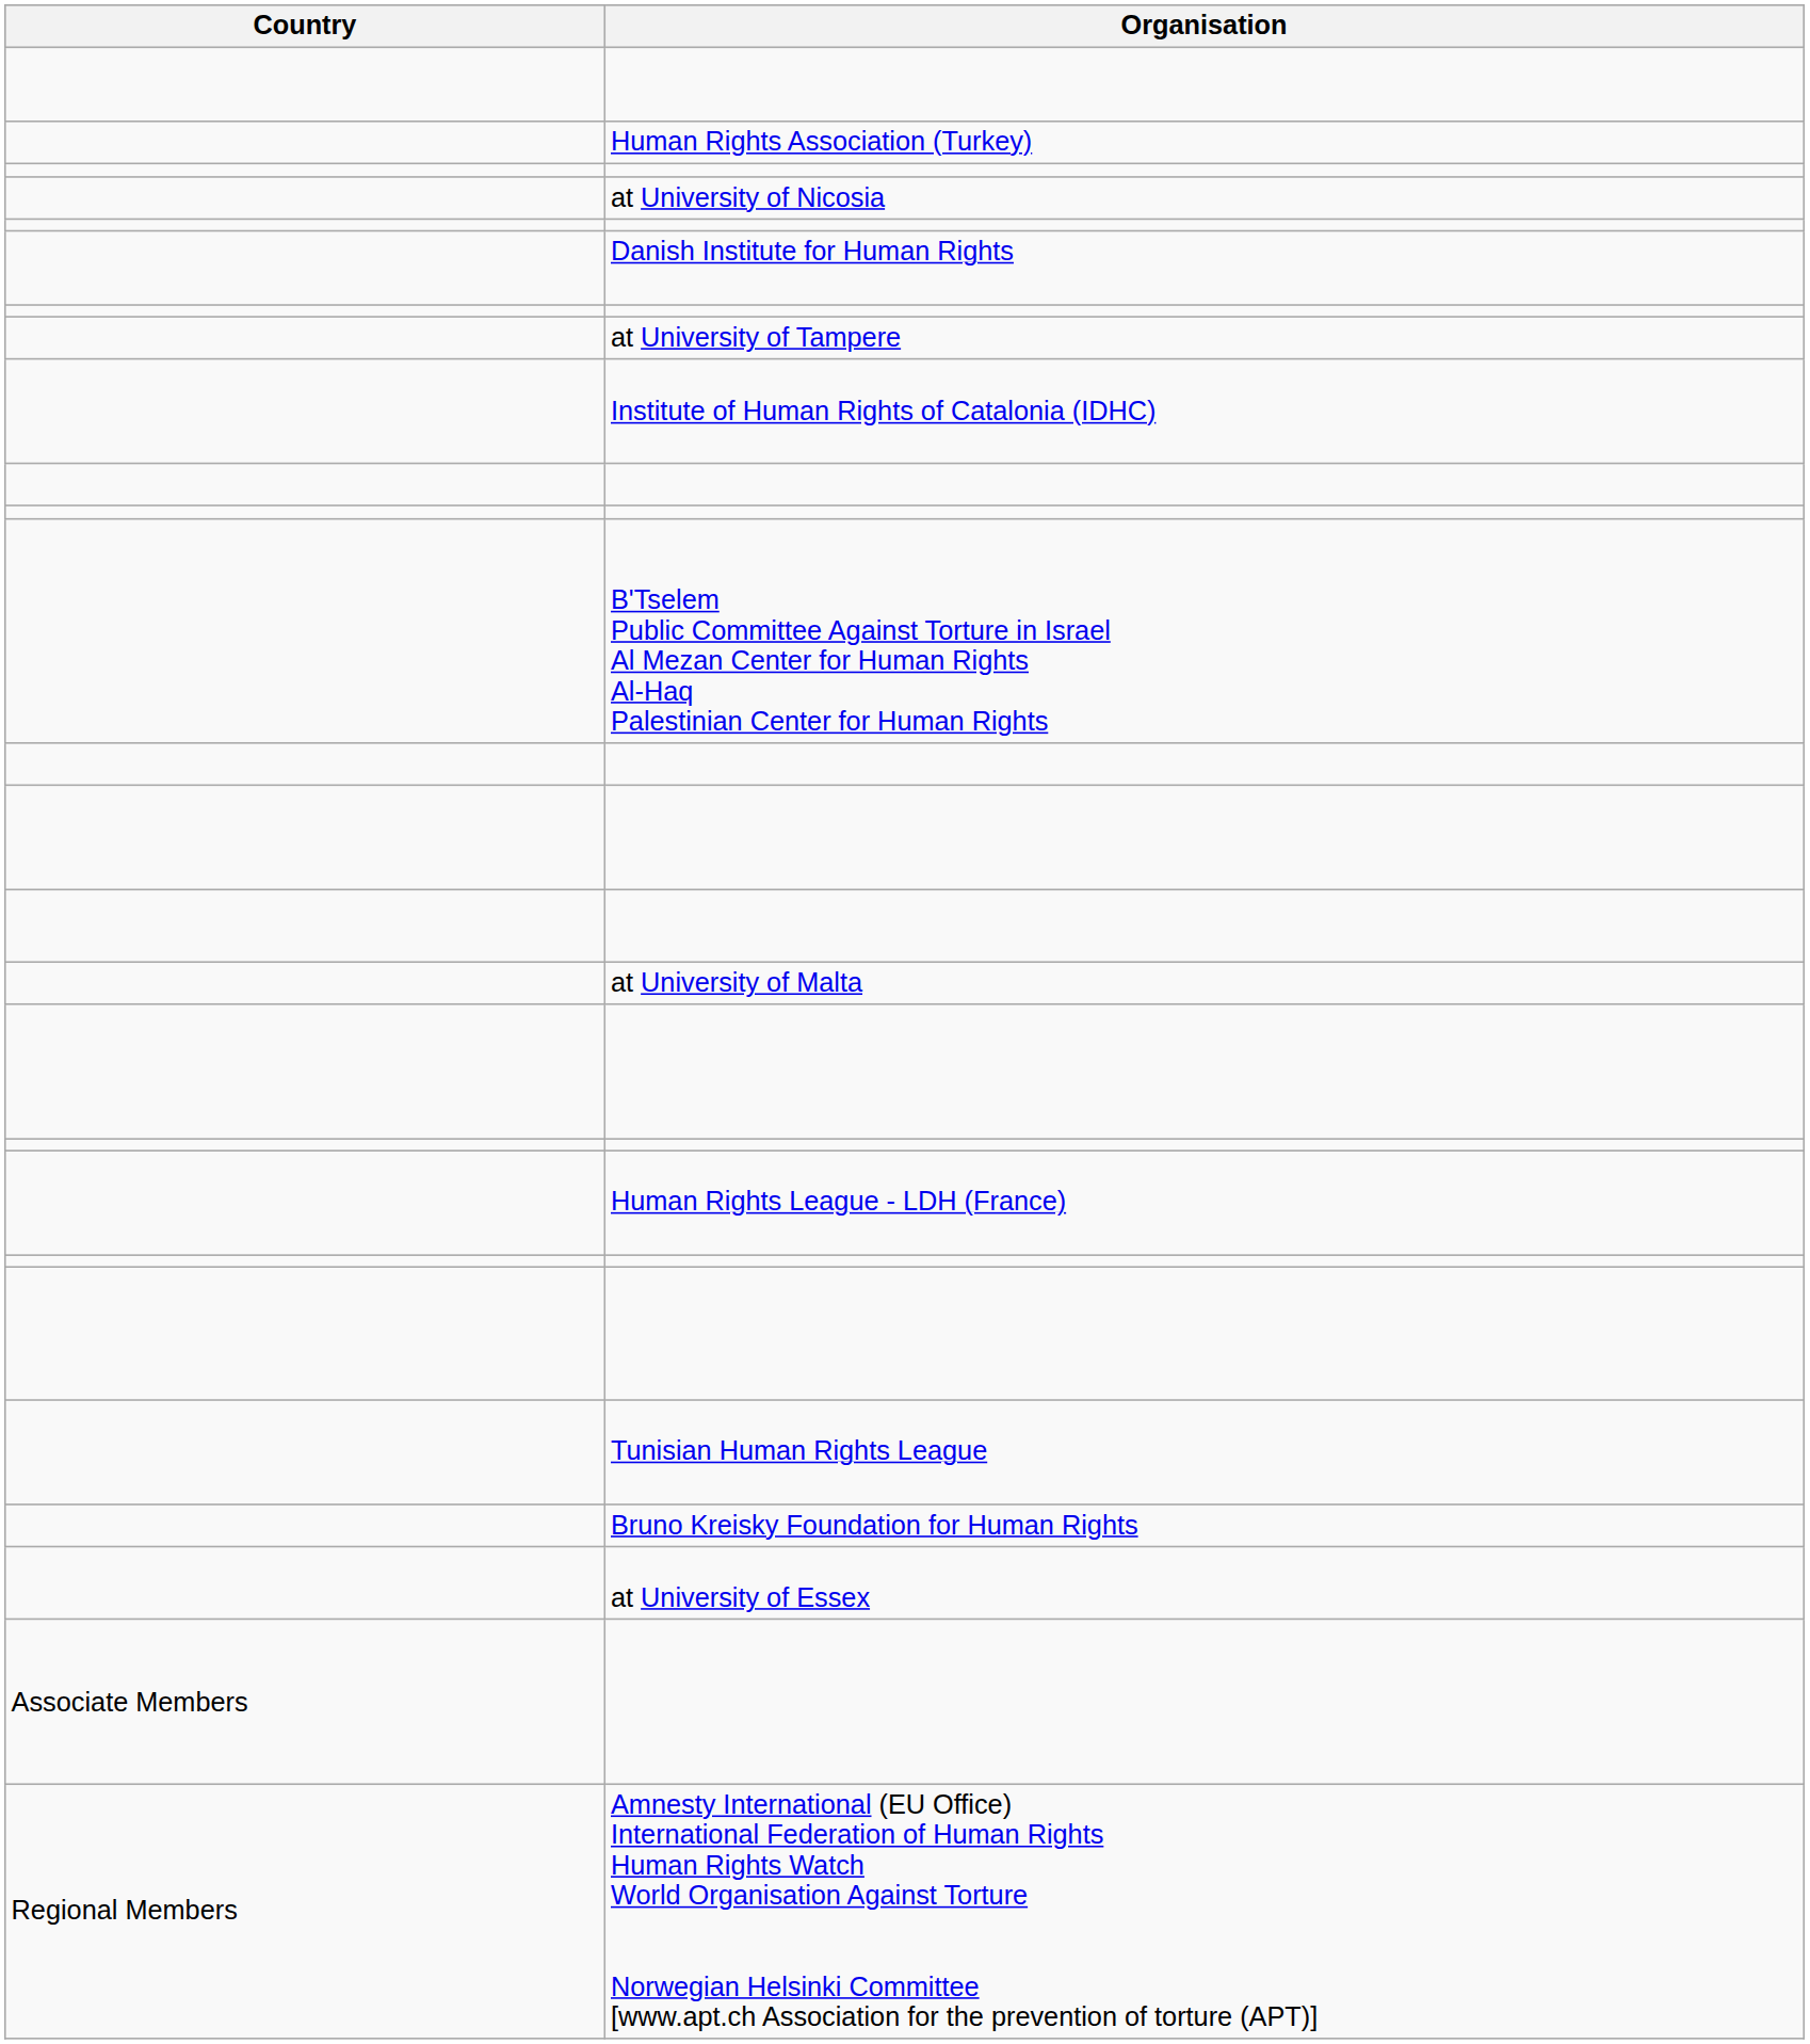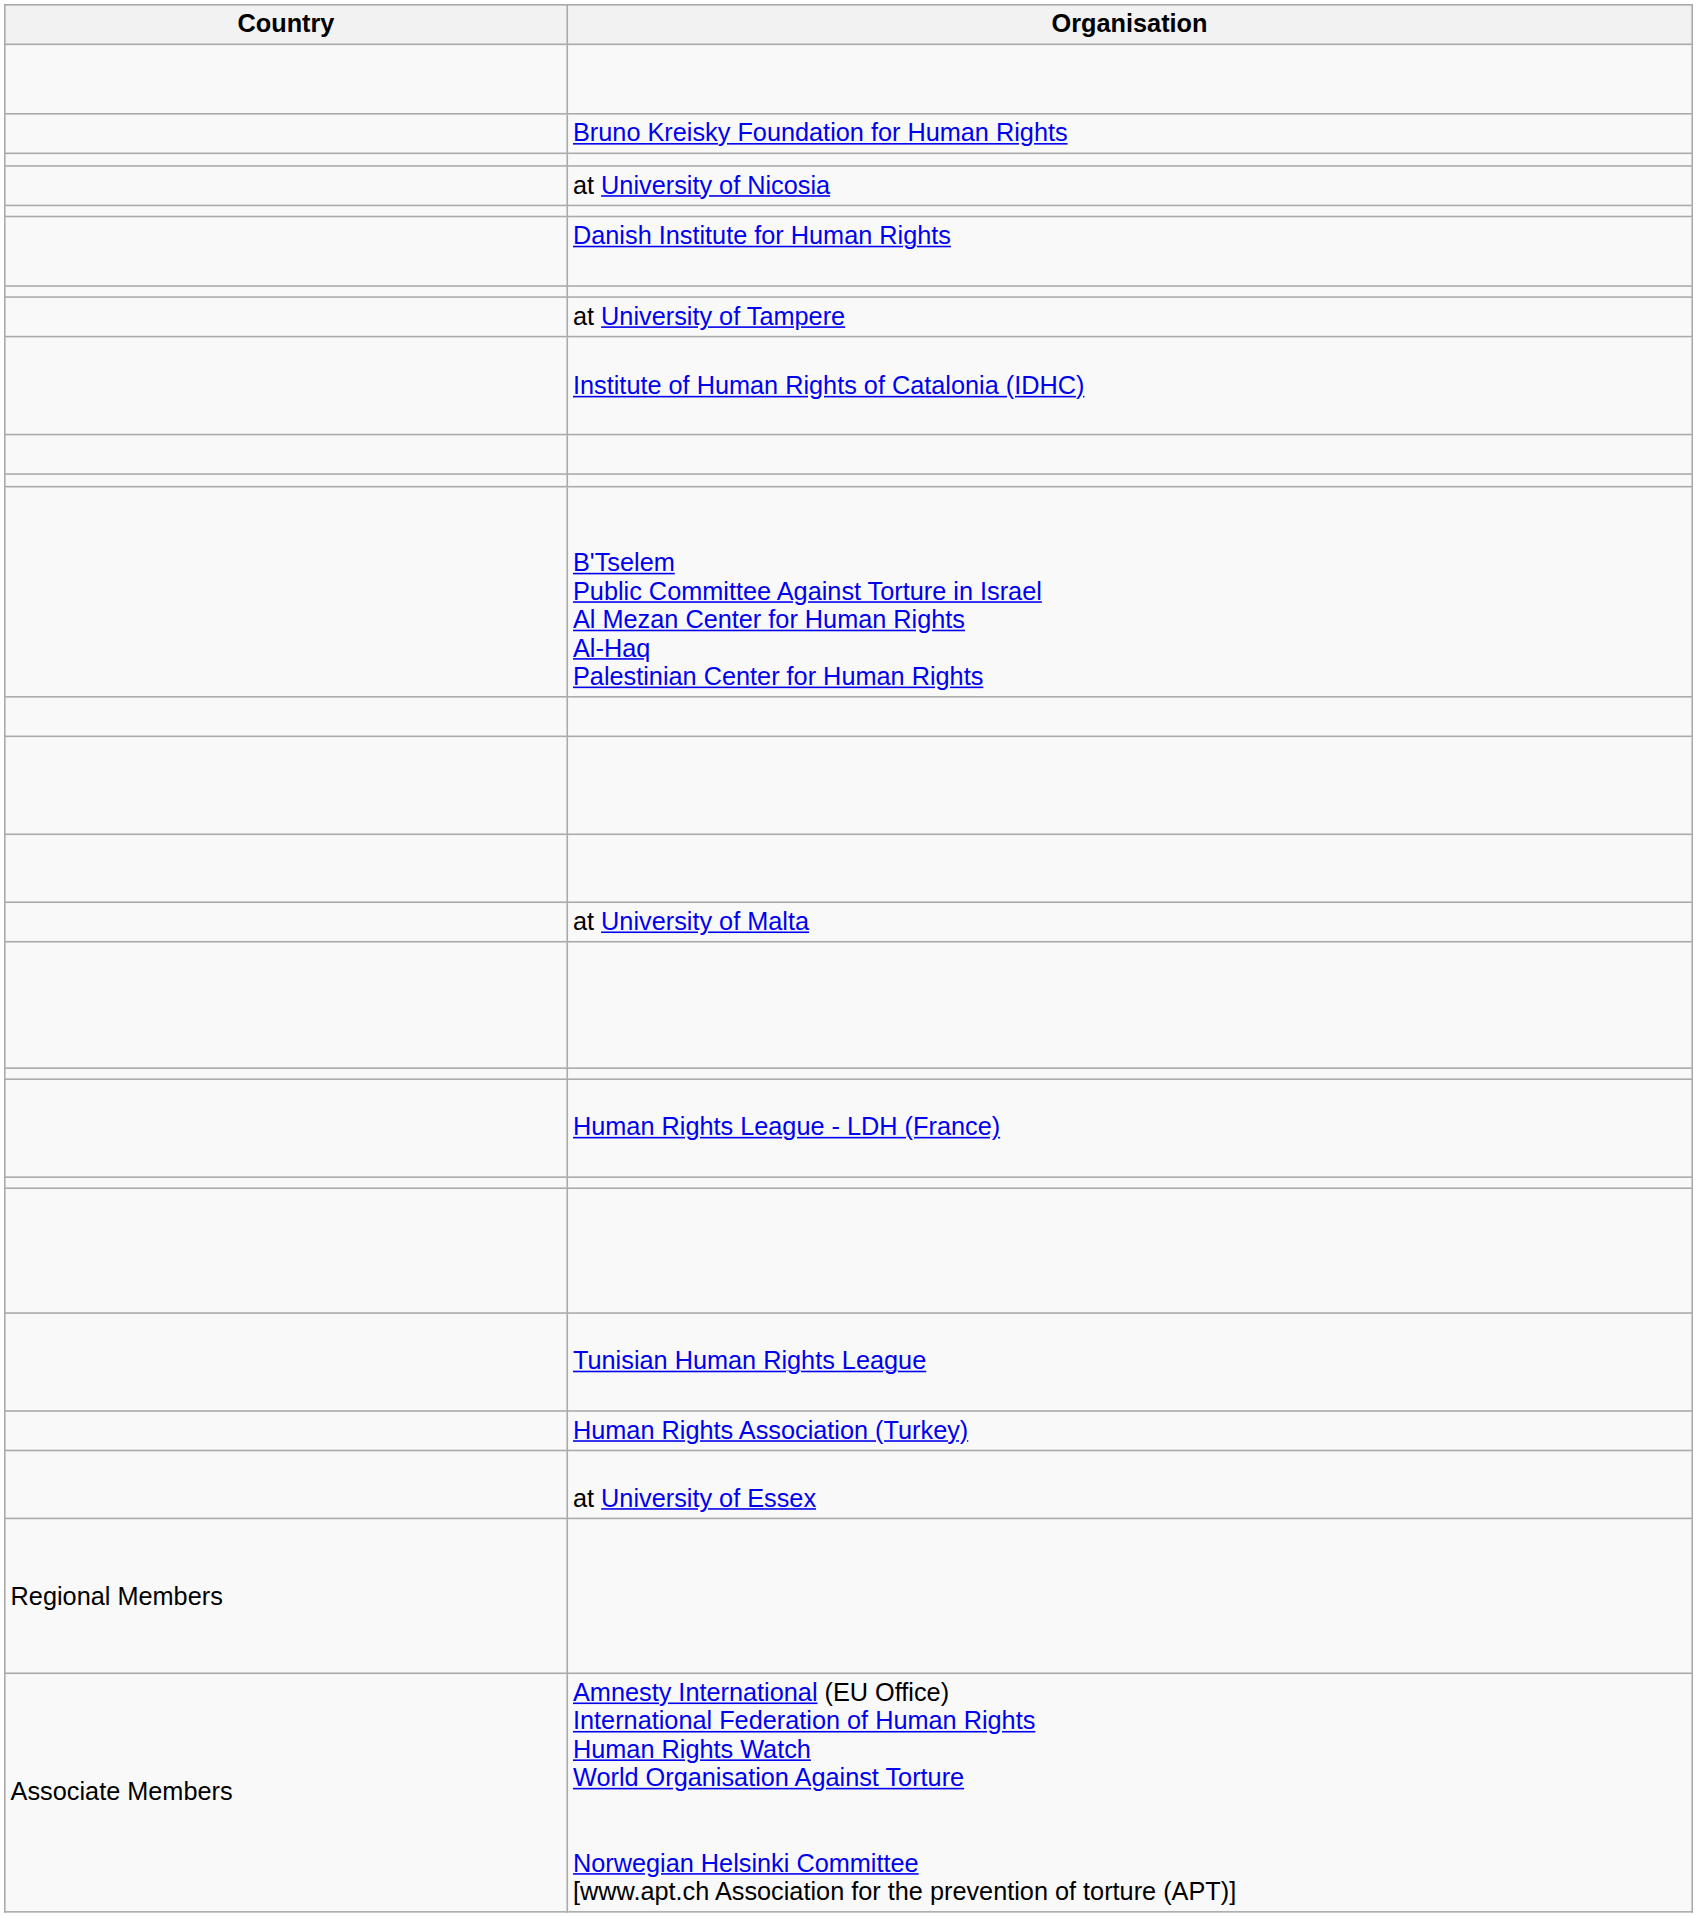 <table class="wikitable collapsible" style="font-size: 100%; width:85% align">
 <tr bgcolor=lightgrey>
 <th width="20%">Country</th>
 <th width="40%", class="unsortable">Organisation</th>
 </tr>
 <tr>
 <td></td>
 <td> <br>  <br> </td>
 </tr>
 <tr>
 <td></td>
-<td><a href='#'>Human Rights Association (Turkey)</a> <br> </td>
+<td><a href='#'>Bruno Kreisky Foundation for Human Rights</a></td>
 </tr>
 <tr>
 <td></td>
 <td> </td>
 </tr>
 <tr>
 <td></td>
 <td> at <a href='#'>University of Nicosia</a> <br> </td>
 </tr>
 <tr>
 <td></td>
 <td></td>
 </tr>
 <tr>
 <td></td>
 <td><a href='#'>Danish Institute for Human Rights</a> <br>  <br> </td>
 </tr>
 <tr>
 <td></td>
 <td></td>
 </tr>
 <tr>
 <td></td>
 <td> at <a href='#'>University of Tampere</a></td>
 </tr>
 <tr>
 <td></td>
 <td> <br> <a href='#'>Institute of Human Rights of Catalonia (IDHC)</a> <br>  <br> </td>
 </tr>
 <tr>
 <td></td>
 <td> <br> </td>
 </tr>
 <tr>
 <td></td>
 <td></td>
 </tr>
 <tr>
 <td> <br> </td>
 <td> <br>  <br> <a href='#'>B'Tselem</a> <br> <a href='#'>Public Committee Against Torture in Israel</a> <br> <a href='#'>Al Mezan Center for Human Rights</a> <br> <a href='#'>Al-Haq</a> <br> <a href='#'>Palestinian Center for Human Rights</a> <br>  </td>
 </tr>
 <tr>
 <td></td>
 <td> <br> </td>
 </tr>
 <tr>
 <td></td>
 <td> <br>  <br>  <br> </td>
 </tr>
 <tr>
 <td></td>
 <td> <br>  <br> </td>
 </tr>
 <tr>
 <td></td>
 <td> at <a href='#'>University of Malta</a></td>
 </tr>
 <tr>
 <td> <br> </td>
 <td> <br>  <br>  <br>  <br> </td>
 </tr>
 <tr>
 <td></td>
 <td></td>
 </tr>
 <tr>
 <td></td>
 <td> <br> <a href='#'>Human Rights League - LDH (France)</a> <br>  <br> </td>
 </tr>
 <tr>
 <td></td>
 <td></td>
 </tr>
 <tr>
 <td></td>
 <td> <br>  <br>  <br>  <br> </td>
 </tr>
 <tr>
 <td></td>
 <td> <br> <a href='#'>Tunisian Human Rights League</a> <br>  <br> </td>
 </tr>
 <tr>
 <td></td>
-<td><a href='#'>Bruno Kreisky Foundation for Human Rights</a></td>
+<td><a href='#'>Human Rights Association (Turkey)</a> <br> </td>
 </tr>
 <tr>
 <td></td>
 <td> <br>  at <a href='#'>University of Essex</a> <br> </td>
 </tr>
 <tr>
-<td>Associate Members</td>
+<td>Regional Members</td>
 <td>  <br>  <br>  <br>  <br>  <br> </td>
 </tr>
 <tr>
-<td>Regional Members</td>
+<td>Associate Members</td>
 <td><a href='#'>Amnesty International</a> (EU Office) <br> <a href='#'>International Federation of Human Rights</a> <br> <a href='#'>Human Rights Watch</a> <br> <a href='#'>World Organisation Against Torture</a> <br>  <br>  <br> <a href='#'>Norwegian Helsinki Committee</a> <br> [www.apt.ch Association for the prevention of torture (APT)]</td>
 </tr>
 </table>
